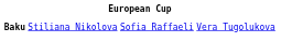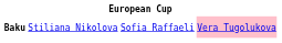 <table>
 <tr>
 <td colspan="4" style="text-align:center;"><strong>European Cup</strong></td>
 </tr>
 <tr>
 <th scope=row style="text-align:left">Baku</th>
 <td style="height:30px;"> <a href='#'>Stiliana Nikolova</a></td>
 <td style="height:30px;"> <a href='#'>Sofia Raffaeli</a></td>
-<td style="height:30px;"> <a href='#'>Vera Tugolukova</a></td>
+<td style="background: pink; height:30px;"> <a href='#'>Vera Tugolukova</a></td>
 </tr>
 <tr>
 </tr>
 </table>
